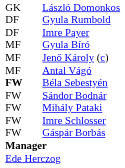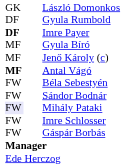 <table cellspacing="0" cellpadding="0" style="font-size:90%; margin:0.2em auto;">
 <tr>
 <th width="25"></th>
 <th width="25"></th>
 </tr>
 <tr>
 </tr>
 <tr>
 <td>GK</td>
 <td></td>
 <td><a href='#'>László Domonkos</a></td>
 </tr>
 <tr>
 <td>DF</td>
 <td></td>
 <td><a href='#'>Gyula Rumbold</a></td>
 </tr>
 <tr>
-<td>DF</td>
+<td><strong>DF</strong></td>
 <td></td>
 <td><a href='#'>Imre Payer</a></td>
 </tr>
 <tr>
 <td>MF</td>
 <td></td>
 <td><a href='#'>Gyula Bíró</a></td>
 </tr>
 <tr>
 <td>MF</td>
 <td></td>
 <td><a href='#'>Jenő Károly</a> (<a href='#'>c</a>)</td>
 </tr>
 <tr>
-<td>MF</td>
+<td><strong>MF</strong></td>
 <td></td>
 <td><a href='#'>Antal Vágó</a></td>
 </tr>
 <tr>
-<td><strong>FW</strong></td>
+<td>FW</td>
 <td></td>
 <td><a href='#'>Béla Sebestyén</a></td>
 </tr>
 <tr>
 <td>FW</td>
 <td></td>
 <td><a href='#'>Sándor Bodnár</a></td>
 </tr>
 <tr>
-<td>FW</td>
+<td style="background: lavender;">FW</td>
 <td></td>
 <td><a href='#'>Mihály Pataki</a></td>
 </tr>
 <tr>
 <td>FW</td>
 <td></td>
 <td><a href='#'>Imre Schlosser</a></td>
 </tr>
 <tr>
 <td>FW</td>
 <td></td>
 <td><a href='#'>Gáspár Borbás</a></td>
 </tr>
 <tr>
 <td colspan=3><strong>Manager</strong></td>
 </tr>
 <tr>
 <td colspan=4> <a href='#'>Ede Herczog</a></td>
 </tr>
 </table>
